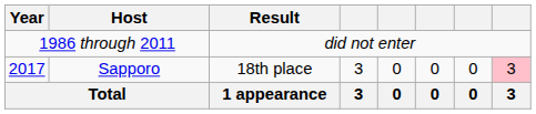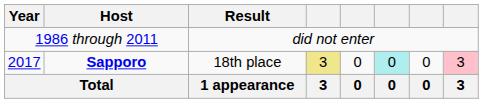 <table class="wikitable" style="text-align:center">
 <tr>
 <th width=30>Year</th>
 <th width=150>Host</th>
 <th width=120>Result</th>
 <th width=30></th>
 <th width=30></th>
 <th width=30></th>
 <th width=30></th>
 <th width=30></th>
 </tr>
 <tr>
 <td colspan=2><a href='#'>1986</a> <em>through</em> <a href='#'>2011</a></td>
 <td colspan=6><em>did not enter</em></td>
 </tr>
 <tr>
 <td><a href='#'>2017</a></td>
-<td> <a href='#'>Sapporo</a></td>
+<td><strong> <a href='#'>Sapporo</a></strong></td>
 <td>18th place<br></td>
-<td>3</td>
+<td style="background: khaki;">3</td>
 <td>0</td>
-<td>0</td>
+<td style="background: paleturquoise;">0</td>
 <td>0</td>
 <td style="background: pink;">3</td>
 </tr>
 <tr>
 <th colspan=2>Total</th>
 <th>1 appearance</th>
 <th>3</th>
 <th>0</th>
 <th>0</th>
 <th>0</th>
 <th>3</th>
 </tr>
 </table>
